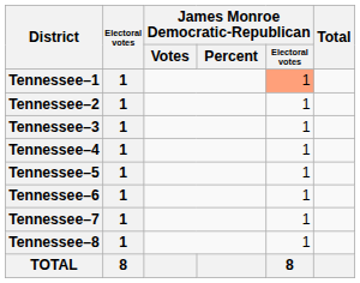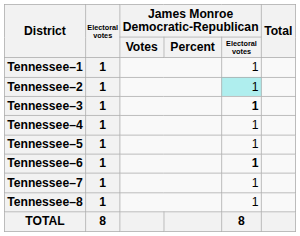 <table class="wikitable sortable">
 <tr>
 <th rowspan=2>District</th>
 <th rowspan=2 style="font-size: 60%">Electoral<br>votes</th>
 <th colspan=3>James Monroe<br>Democratic-Republican</th>
 <th rowspan=2>Total</th>
 </tr>
 <tr>
 <th>Votes</th>
 <th>Percent</th>
 <th style="font-size: 60%">Electoral<br>votes</th>
 </tr>
 <tr>
 <th>Tennessee–1</th>
 <th>1</th>
 <td align=right colspan=2></td>
-<td align=right style="background: lightsalmon;">1</td>
+<td align=right>1</td>
 <td align=right></td>
 </tr>
 <tr>
 <th>Tennessee–2</th>
 <th>1</th>
 <td align=right colspan=2></td>
-<td align=right>1</td>
+<td align=right style="background: paleturquoise;">1</td>
 <td align=right></td>
 </tr>
 <tr>
 <th>Tennessee–3</th>
 <th>1</th>
 <td align=right colspan=2></td>
-<td align=right>1</td>
+<td align=right><strong>1</strong></td>
 <td align=right></td>
 </tr>
 <tr>
 <th>Tennessee–4</th>
 <th>1</th>
 <td align=right colspan=2></td>
 <td align=right>1</td>
 <td align=right></td>
 </tr>
 <tr>
 <th>Tennessee–5</th>
 <th>1</th>
 <td align=right colspan=2></td>
 <td align=right>1</td>
 <td align=right></td>
 </tr>
 <tr>
 <th>Tennessee–6</th>
 <th>1</th>
 <td align=right colspan=2></td>
-<td align=right>1</td>
+<td align=right><strong>1</strong></td>
 <td align=right></td>
 </tr>
 <tr>
 <th>Tennessee–7</th>
 <th>1</th>
 <td align=right colspan=2></td>
 <td align=right>1</td>
 <td align=right></td>
 </tr>
 <tr>
 <th>Tennessee–8</th>
 <th>1</th>
 <td align=right colspan=2></td>
 <td align=right>1</td>
 <td align=right></td>
 </tr>
 <tr>
 <th>TOTAL</th>
 <th>8</th>
 <th></th>
 <th></th>
 <th>8</th>
 <th></th>
 </tr>
 </table>
